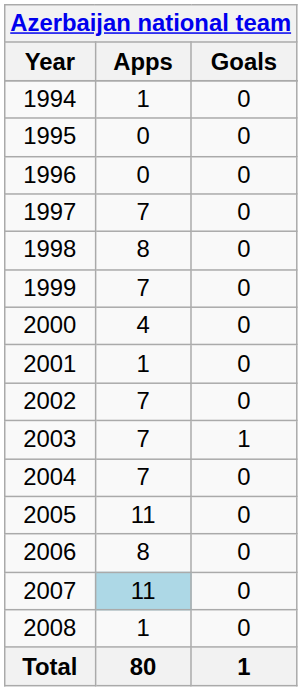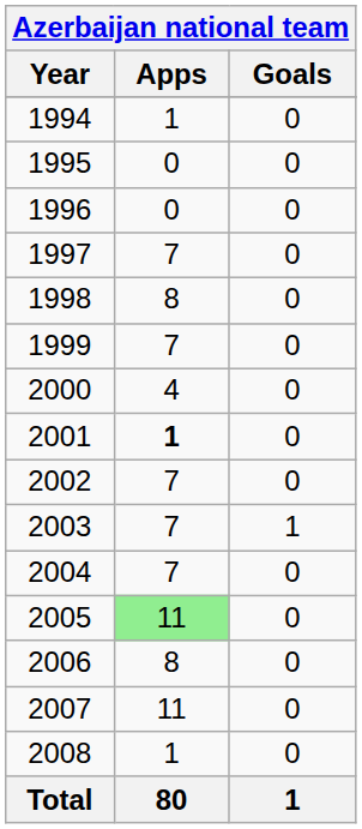 <table class="wikitable" style="text-align:center">
 <tr>
 <th colspan=3><a href='#'>Azerbaijan national team</a></th>
 </tr>
 <tr>
 <th>Year</th>
 <th>Apps</th>
 <th>Goals</th>
 </tr>
 <tr>
 </tr>
 <tr>
 <td>1994</td>
 <td>1</td>
 <td>0</td>
 </tr>
 <tr>
 <td>1995</td>
 <td>0</td>
 <td>0</td>
 </tr>
 <tr>
 <td>1996</td>
 <td>0</td>
 <td>0</td>
 </tr>
 <tr>
 <td>1997</td>
 <td>7</td>
 <td>0</td>
 </tr>
 <tr>
 <td>1998</td>
 <td>8</td>
 <td>0</td>
 </tr>
 <tr>
 <td>1999</td>
 <td>7</td>
 <td>0</td>
 </tr>
 <tr>
 <td>2000</td>
 <td>4</td>
 <td>0</td>
 </tr>
 <tr>
 <td>2001</td>
-<td>1</td>
+<td><strong>1</strong></td>
 <td>0</td>
 </tr>
 <tr>
 <td>2002</td>
 <td>7</td>
 <td>0</td>
 </tr>
 <tr>
 <td>2003</td>
 <td>7</td>
 <td>1</td>
 </tr>
 <tr>
 <td>2004</td>
 <td>7</td>
 <td>0</td>
 </tr>
 <tr>
 <td>2005</td>
-<td>11</td>
+<td style="background: lightgreen;">11</td>
 <td>0</td>
 </tr>
 <tr>
 <td>2006</td>
 <td>8</td>
 <td>0</td>
 </tr>
 <tr>
 <td>2007</td>
-<td style="background: lightblue;">11</td>
+<td>11</td>
 <td>0</td>
 </tr>
 <tr>
 <td>2008</td>
 <td>1</td>
 <td>0</td>
 </tr>
 <tr>
 <th>Total</th>
 <th>80</th>
 <th>1</th>
 </tr>
 </table>
